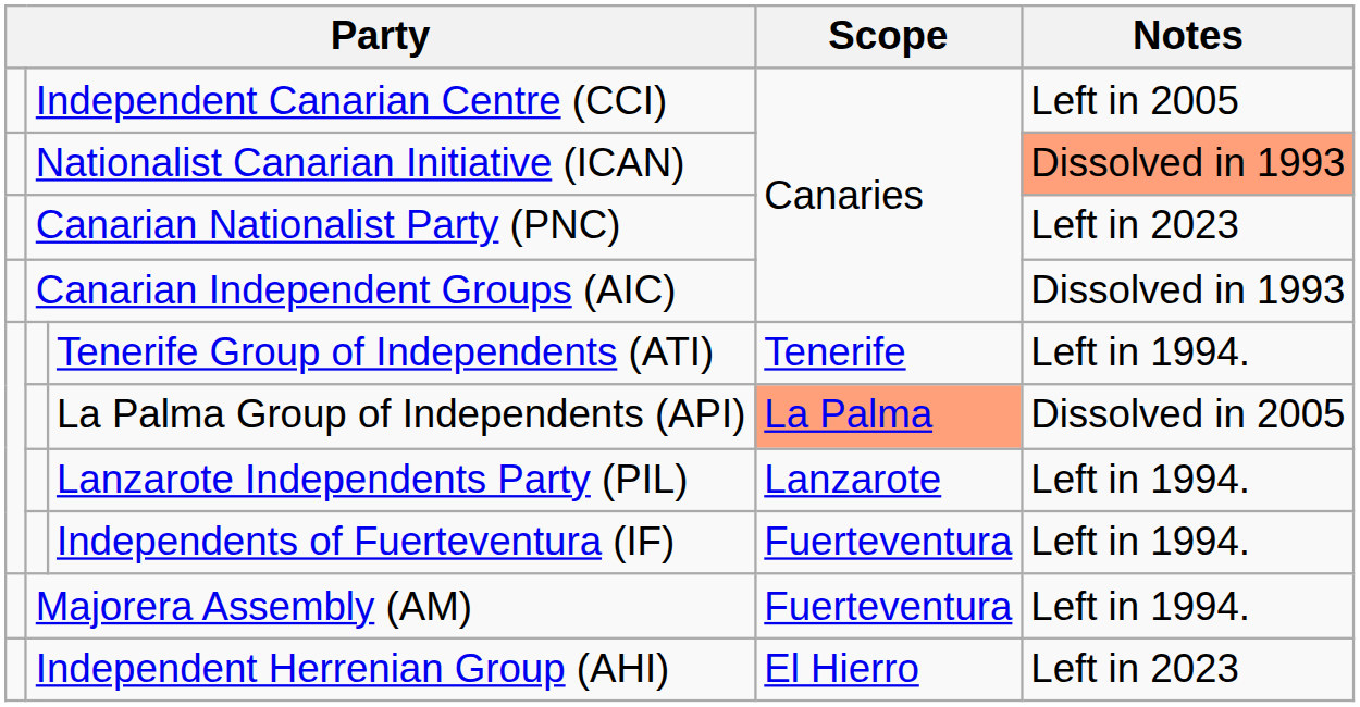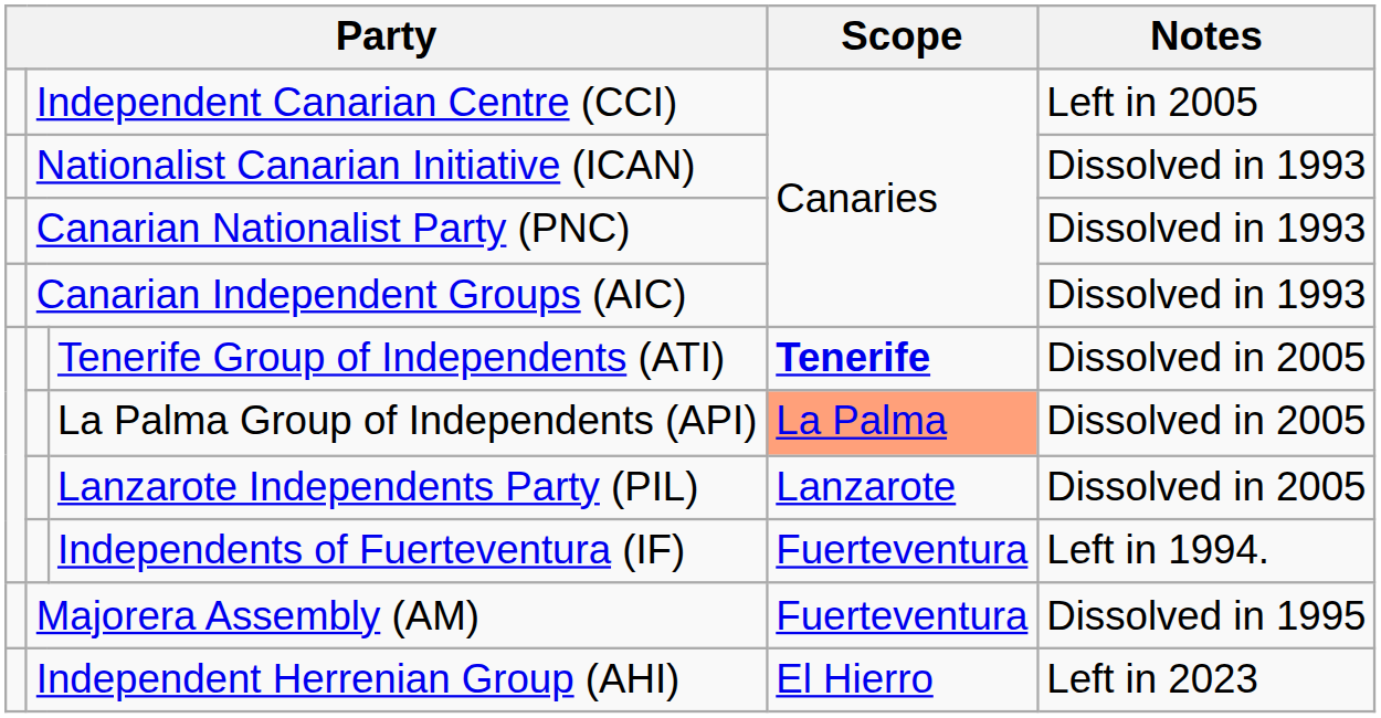 <table class="wikitable" style="text-align:left;">
 <tr>
 <th colspan="3">Party</th>
 <th>Scope</th>
 <th>Notes</th>
 </tr>
 <tr>
 <td width="1"></td>
 <td colspan="2"><a href='#'>Independent Canarian Centre</a> (CCI)</td>
 <td rowspan="4">Canaries</td>
 <td>Left in 2005</td>
 </tr>
 <tr>
 <td></td>
 <td colspan="2"><a href='#'>Nationalist Canarian Initiative</a> (ICAN)</td>
-<td style="background: lightsalmon;">Dissolved in 1993</td>
+<td>Dissolved in 1993</td>
 </tr>
 <tr>
 <td></td>
 <td colspan="2"><a href='#'>Canarian Nationalist Party</a> (PNC)</td>
-<td>Left in 2023</td>
+<td>Dissolved in 1993</td>
 </tr>
 <tr>
 <td></td>
 <td colspan="2"><a href='#'>Canarian Independent Groups</a> (AIC)</td>
 <td>Dissolved in 1993</td>
 </tr>
 <tr>
 <td rowspan="4"></td>
 <td width="1"></td>
 <td><a href='#'>Tenerife Group of Independents</a> (ATI)</td>
-<td><a href='#'>Tenerife</a></td>
-<td>Left in 1994.</td>
+<td><strong><a href='#'>Tenerife</a></strong></td>
+<td>Dissolved in 2005</td>
 </tr>
 <tr>
 <td></td>
 <td>La Palma Group of Independents (API)</td>
 <td style="background: lightsalmon;"><a href='#'>La Palma</a></td>
 <td>Dissolved in 2005</td>
 </tr>
 <tr>
 <td></td>
 <td><a href='#'>Lanzarote Independents Party</a> (PIL)</td>
 <td><a href='#'>Lanzarote</a></td>
-<td>Left in 1994.</td>
+<td>Dissolved in 2005</td>
 </tr>
 <tr>
 <td></td>
 <td><a href='#'>Independents of Fuerteventura</a> (IF)</td>
 <td><a href='#'>Fuerteventura</a></td>
 <td>Left in 1994.</td>
 </tr>
 <tr>
 <td></td>
 <td colspan="2"><a href='#'>Majorera Assembly</a> (AM)</td>
 <td><a href='#'>Fuerteventura</a></td>
-<td>Left in 1994.</td>
+<td>Dissolved in 1995</td>
 </tr>
 <tr>
 <td></td>
 <td colspan="2"><a href='#'>Independent Herrenian Group</a> (AHI)</td>
 <td><a href='#'>El Hierro</a></td>
 <td>Left in  2023</td>
 </tr>
 </table>
